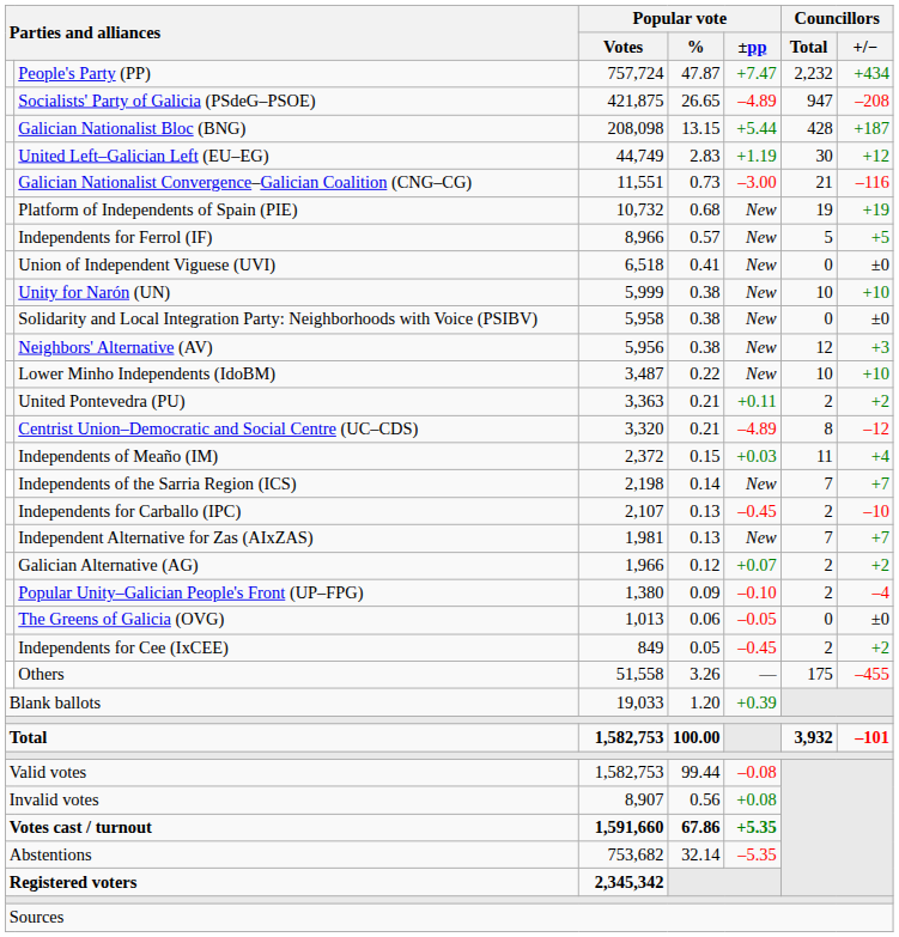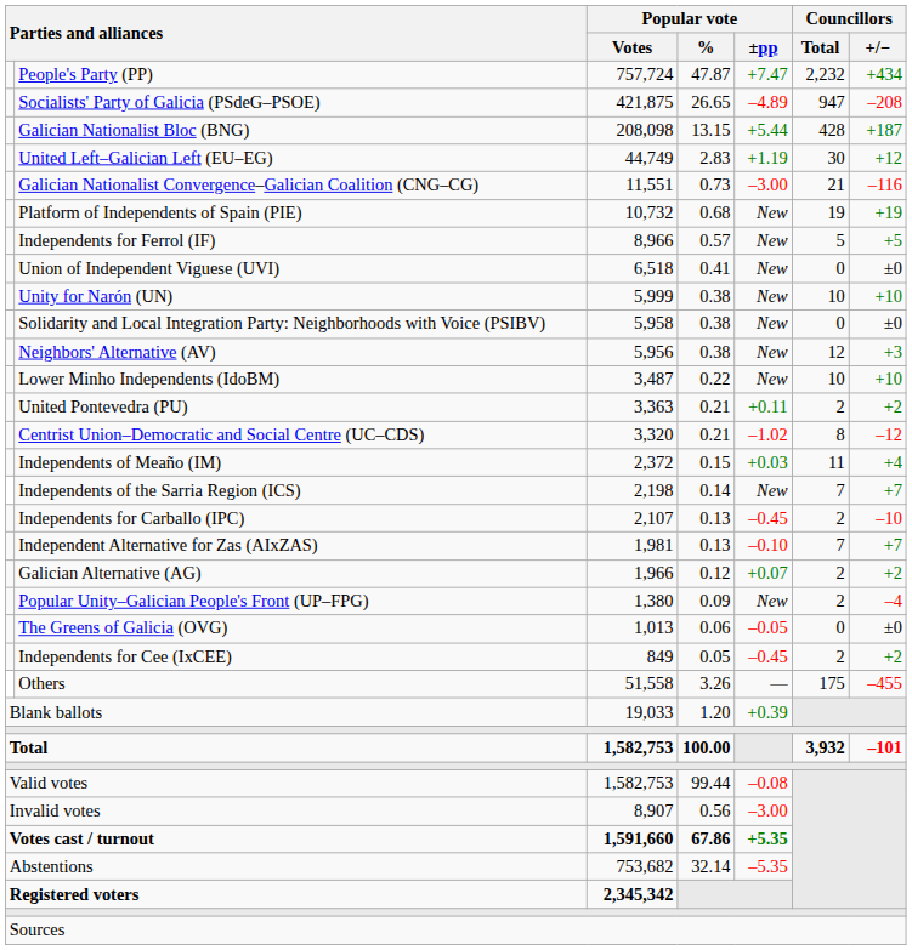 <table class="wikitable" style="text-align:right;">
 <tr>
 <th style="text-align:left;" rowspan="2" colspan="2" width="525">Parties and alliances</th>
 <th colspan="3">Popular vote</th>
 <th colspan="2">Councillors</th>
 </tr>
 <tr>
 <th width="75">Votes</th>
 <th width="45">%</th>
 <th width="45">±<a href='#'>pp</a></th>
 <th width="45">Total</th>
 <th width="45">+/−</th>
 </tr>
 <tr>
 <td width="1" style="color:inherit;background:"></td>
 <td align="left"><a href='#'>People's Party</a> (PP)</td>
 <td>757,724</td>
 <td>47.87</td>
 <td style="color:green;">+7.47</td>
 <td>2,232</td>
 <td style="color:green;">+434</td>
 </tr>
 <tr>
 <td style="color:inherit;background:"></td>
 <td align="left"><a href='#'>Socialists' Party of Galicia</a> (PSdeG–PSOE)</td>
 <td>421,875</td>
 <td>26.65</td>
 <td style="color:red;">–4.89</td>
 <td>947</td>
 <td style="color:red;">–208</td>
 </tr>
 <tr>
 <td style="color:inherit;background:"></td>
 <td align="left"><a href='#'>Galician Nationalist Bloc</a> (BNG)</td>
 <td>208,098</td>
 <td>13.15</td>
 <td style="color:green;">+5.44</td>
 <td>428</td>
 <td style="color:green;">+187</td>
 </tr>
 <tr>
 <td style="color:inherit;background:"></td>
 <td align="left"><a href='#'>United Left–Galician Left</a> (EU–EG)</td>
 <td>44,749</td>
 <td>2.83</td>
 <td style="color:green;">+1.19</td>
 <td>30</td>
 <td style="color:green;">+12</td>
 </tr>
 <tr>
 <td style="color:inherit;background:"></td>
 <td align="left"><a href='#'>Galician Nationalist Convergence</a>–<a href='#'>Galician Coalition</a> (CNG–CG)</td>
 <td>11,551</td>
 <td>0.73</td>
 <td style="color:red;">–3.00</td>
 <td>21</td>
 <td style="color:red;">–116</td>
 </tr>
 <tr>
 <td style="color:inherit;background:"></td>
 <td align="left">Platform of Independents of Spain (PIE)</td>
 <td>10,732</td>
 <td>0.68</td>
 <td><em>New</em></td>
 <td>19</td>
 <td style="color:green;">+19</td>
 </tr>
 <tr>
 <td style="color:inherit;background:"></td>
 <td align="left">Independents for Ferrol (IF)</td>
 <td>8,966</td>
 <td>0.57</td>
 <td><em>New</em></td>
 <td>5</td>
 <td style="color:green;">+5</td>
 </tr>
 <tr>
 <td style="color:inherit;background:"></td>
 <td align="left">Union of Independent Viguese (UVI)</td>
 <td>6,518</td>
 <td>0.41</td>
 <td><em>New</em></td>
 <td>0</td>
 <td>±0</td>
 </tr>
 <tr>
 <td style="color:inherit;background:"></td>
 <td align="left"><a href='#'>Unity for Narón</a> (UN)</td>
 <td>5,999</td>
 <td>0.38</td>
 <td><em>New</em></td>
 <td>10</td>
 <td style="color:green;">+10</td>
 </tr>
 <tr>
 <td style="color:inherit;background:"></td>
 <td align="left">Solidarity and Local Integration Party: Neighborhoods with Voice (PSIBV)</td>
 <td>5,958</td>
 <td>0.38</td>
 <td><em>New</em></td>
 <td>0</td>
 <td>±0</td>
 </tr>
 <tr>
 <td style="color:inherit;background:"></td>
 <td align="left"><a href='#'>Neighbors' Alternative</a> (AV)</td>
 <td>5,956</td>
 <td>0.38</td>
 <td><em>New</em></td>
 <td>12</td>
 <td style="color:green;">+3</td>
 </tr>
 <tr>
 <td style="color:inherit;background:"></td>
 <td align="left">Lower Minho Independents (IdoBM)</td>
 <td>3,487</td>
 <td>0.22</td>
 <td><em>New</em></td>
 <td>10</td>
 <td style="color:green;">+10</td>
 </tr>
 <tr>
 <td style="color:inherit;background:"></td>
 <td align="left">United Pontevedra (PU)</td>
 <td>3,363</td>
 <td>0.21</td>
 <td style="color:green;">+0.11</td>
 <td>2</td>
 <td style="color:green;">+2</td>
 </tr>
 <tr>
 <td style="color:inherit;background:"></td>
 <td align="left"><a href='#'>Centrist Union–Democratic and Social Centre</a> (UC–CDS)</td>
 <td>3,320</td>
 <td>0.21</td>
-<td style="color:red;">–4.89</td>
+<td style="color:red;">–1.02</td>
 <td>8</td>
 <td style="color:red;">–12</td>
 </tr>
 <tr>
 <td style="color:inherit;background:"></td>
 <td align="left">Independents of Meaño (IM)</td>
 <td>2,372</td>
 <td>0.15</td>
 <td style="color:green;">+0.03</td>
 <td>11</td>
 <td style="color:green;">+4</td>
 </tr>
 <tr>
 <td bgcolor="white"></td>
 <td align="left">Independents of the Sarria Region (ICS)</td>
 <td>2,198</td>
 <td>0.14</td>
 <td><em>New</em></td>
 <td>7</td>
 <td style="color:green;">+7</td>
 </tr>
 <tr>
 <td style="color:inherit;background:"></td>
 <td align="left">Independents for Carballo (IPC)</td>
 <td>2,107</td>
 <td>0.13</td>
 <td style="color:red;">–0.45</td>
 <td>2</td>
 <td style="color:red;">–10</td>
 </tr>
 <tr>
 <td style="color:inherit;background:"></td>
 <td align="left">Independent Alternative for Zas (AIxZAS)</td>
 <td>1,981</td>
 <td>0.13</td>
-<td><em>New</em></td>
+<td style="color:red;">–0.10</td>
 <td>7</td>
 <td style="color:green;">+7</td>
 </tr>
 <tr>
 <td style="color:inherit;background:"></td>
 <td align="left">Galician Alternative (AG)</td>
 <td>1,966</td>
 <td>0.12</td>
 <td style="color:green;">+0.07</td>
 <td>2</td>
 <td style="color:green;">+2</td>
 </tr>
 <tr>
 <td style="color:inherit;background:"></td>
 <td align="left"><a href='#'>Popular Unity–Galician People's Front</a> (UP–FPG)</td>
 <td>1,380</td>
 <td>0.09</td>
-<td style="color:red;">–0.10</td>
+<td><em>New</em></td>
 <td>2</td>
 <td style="color:red;">–4</td>
 </tr>
 <tr>
 <td style="color:inherit;background:"></td>
 <td align="left"><a href='#'>The Greens of Galicia</a> (OVG)</td>
 <td>1,013</td>
 <td>0.06</td>
 <td style="color:red;">–0.05</td>
 <td>0</td>
 <td>±0</td>
 </tr>
 <tr>
 <td style="color:inherit;background:"></td>
 <td align="left">Independents for Cee (IxCEE)</td>
 <td>849</td>
 <td>0.05</td>
 <td style="color:red;">–0.45</td>
 <td>2</td>
 <td style="color:green;">+2</td>
 </tr>
 <tr>
 <td bgcolor="white"></td>
 <td align="left">Others</td>
 <td>51,558</td>
 <td>3.26</td>
 <td>—</td>
 <td>175</td>
 <td style="color:red;">–455</td>
 </tr>
 <tr>
 <td align="left" colspan="2">Blank ballots</td>
 <td>19,033</td>
 <td>1.20</td>
 <td style="color:green;">+0.39</td>
 <td bgcolor="#E9E9E9" colspan="2"></td>
 </tr>
 <tr>
 <td colspan="7" bgcolor="#E9E9E9"></td>
 </tr>
 <tr style="font-weight:bold;">
 <td align="left" colspan="2">Total</td>
 <td>1,582,753</td>
 <td>100.00</td>
 <td bgcolor="#E9E9E9"></td>
 <td>3,932</td>
 <td style="color:red;">–101</td>
 </tr>
 <tr>
 <td colspan="7" bgcolor="#E9E9E9"></td>
 </tr>
 <tr>
 <td align="left" colspan="2">Valid votes</td>
 <td>1,582,753</td>
 <td>99.44</td>
 <td style="color:red;">–0.08</td>
 <td bgcolor="#E9E9E9" colspan="2" rowspan="5"></td>
 </tr>
 <tr>
 <td align="left" colspan="2">Invalid votes</td>
 <td>8,907</td>
 <td>0.56</td>
-<td style="color:green;">+0.08</td>
+<td style="color:red;">–3.00</td>
 </tr>
 <tr style="font-weight:bold;">
 <td align="left" colspan="2">Votes cast / turnout</td>
 <td>1,591,660</td>
 <td>67.86</td>
 <td style="color:green;">+5.35</td>
 </tr>
 <tr>
 <td align="left" colspan="2">Abstentions</td>
 <td>753,682</td>
 <td>32.14</td>
 <td style="color:red;">–5.35</td>
 </tr>
 <tr style="font-weight:bold;">
 <td align="left" colspan="2">Registered voters</td>
 <td>2,345,342</td>
 <td bgcolor="#E9E9E9" colspan="2"></td>
 </tr>
 <tr>
 <td colspan="7" bgcolor="#E9E9E9"></td>
 </tr>
 <tr>
 <td align="left" colspan="7">Sources</td>
 </tr>
 </table>
